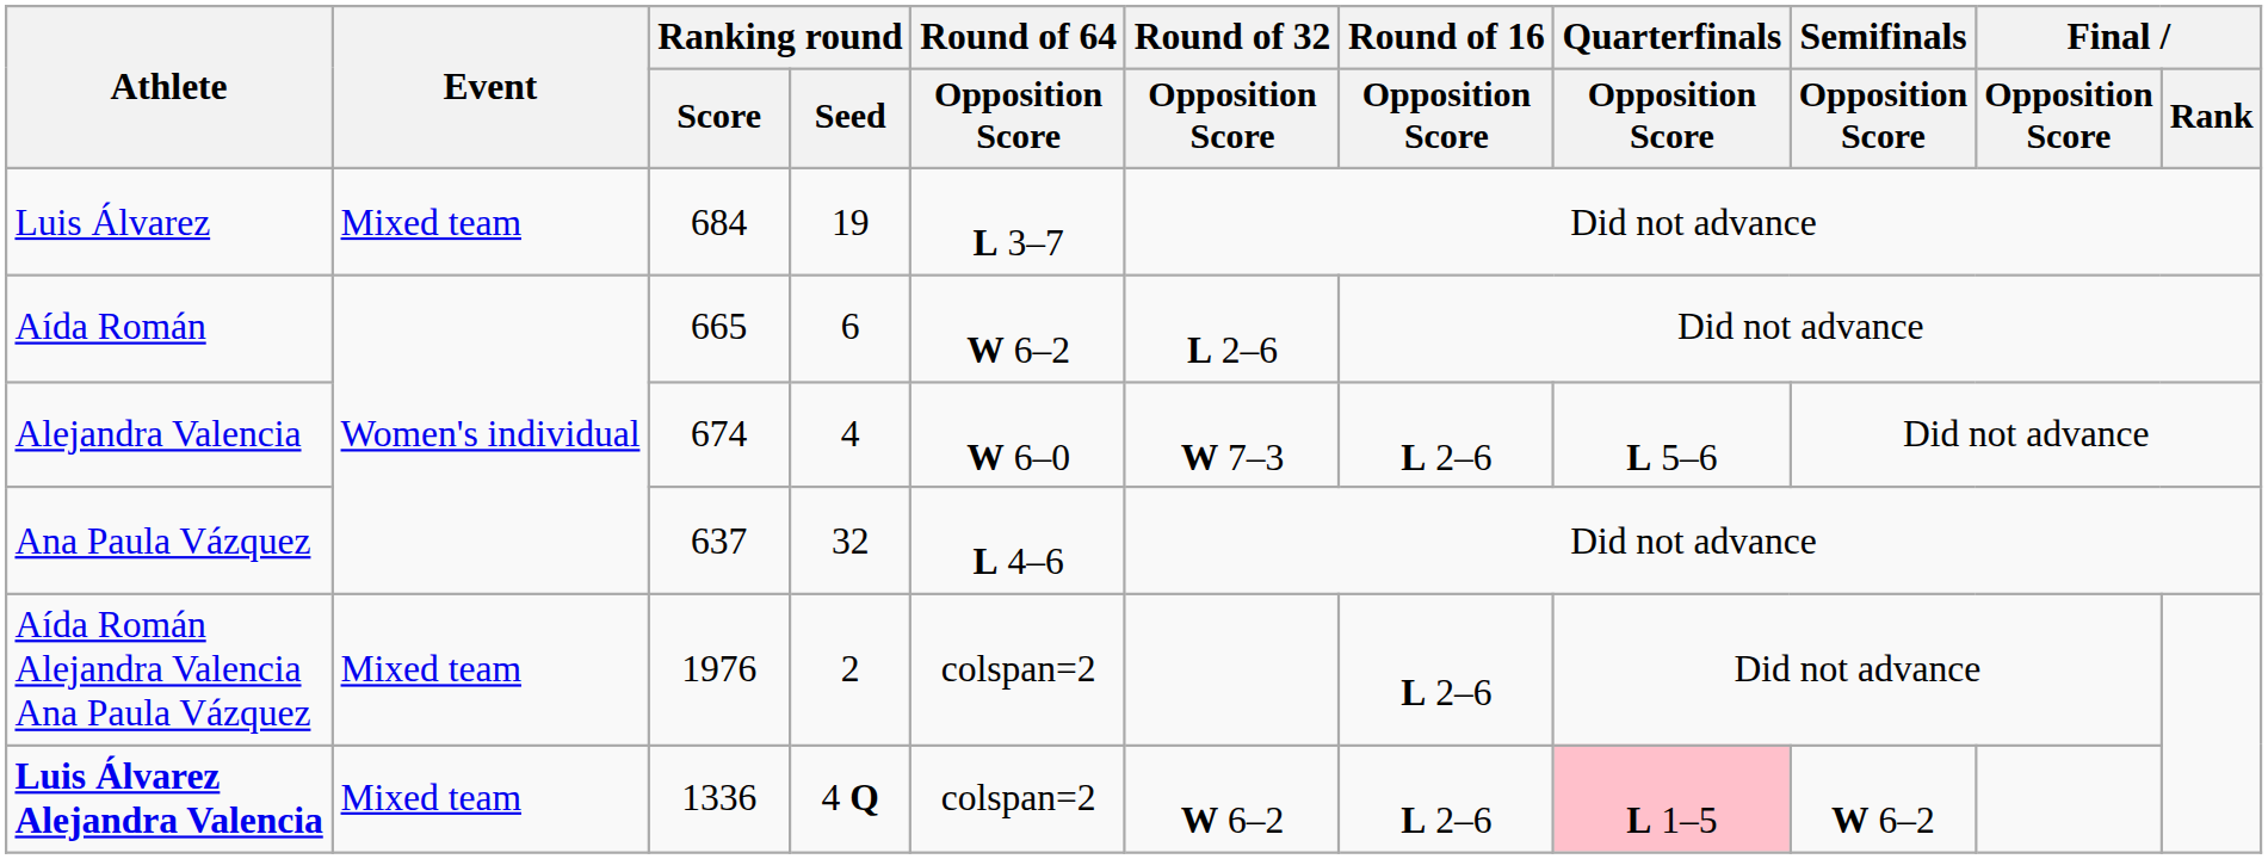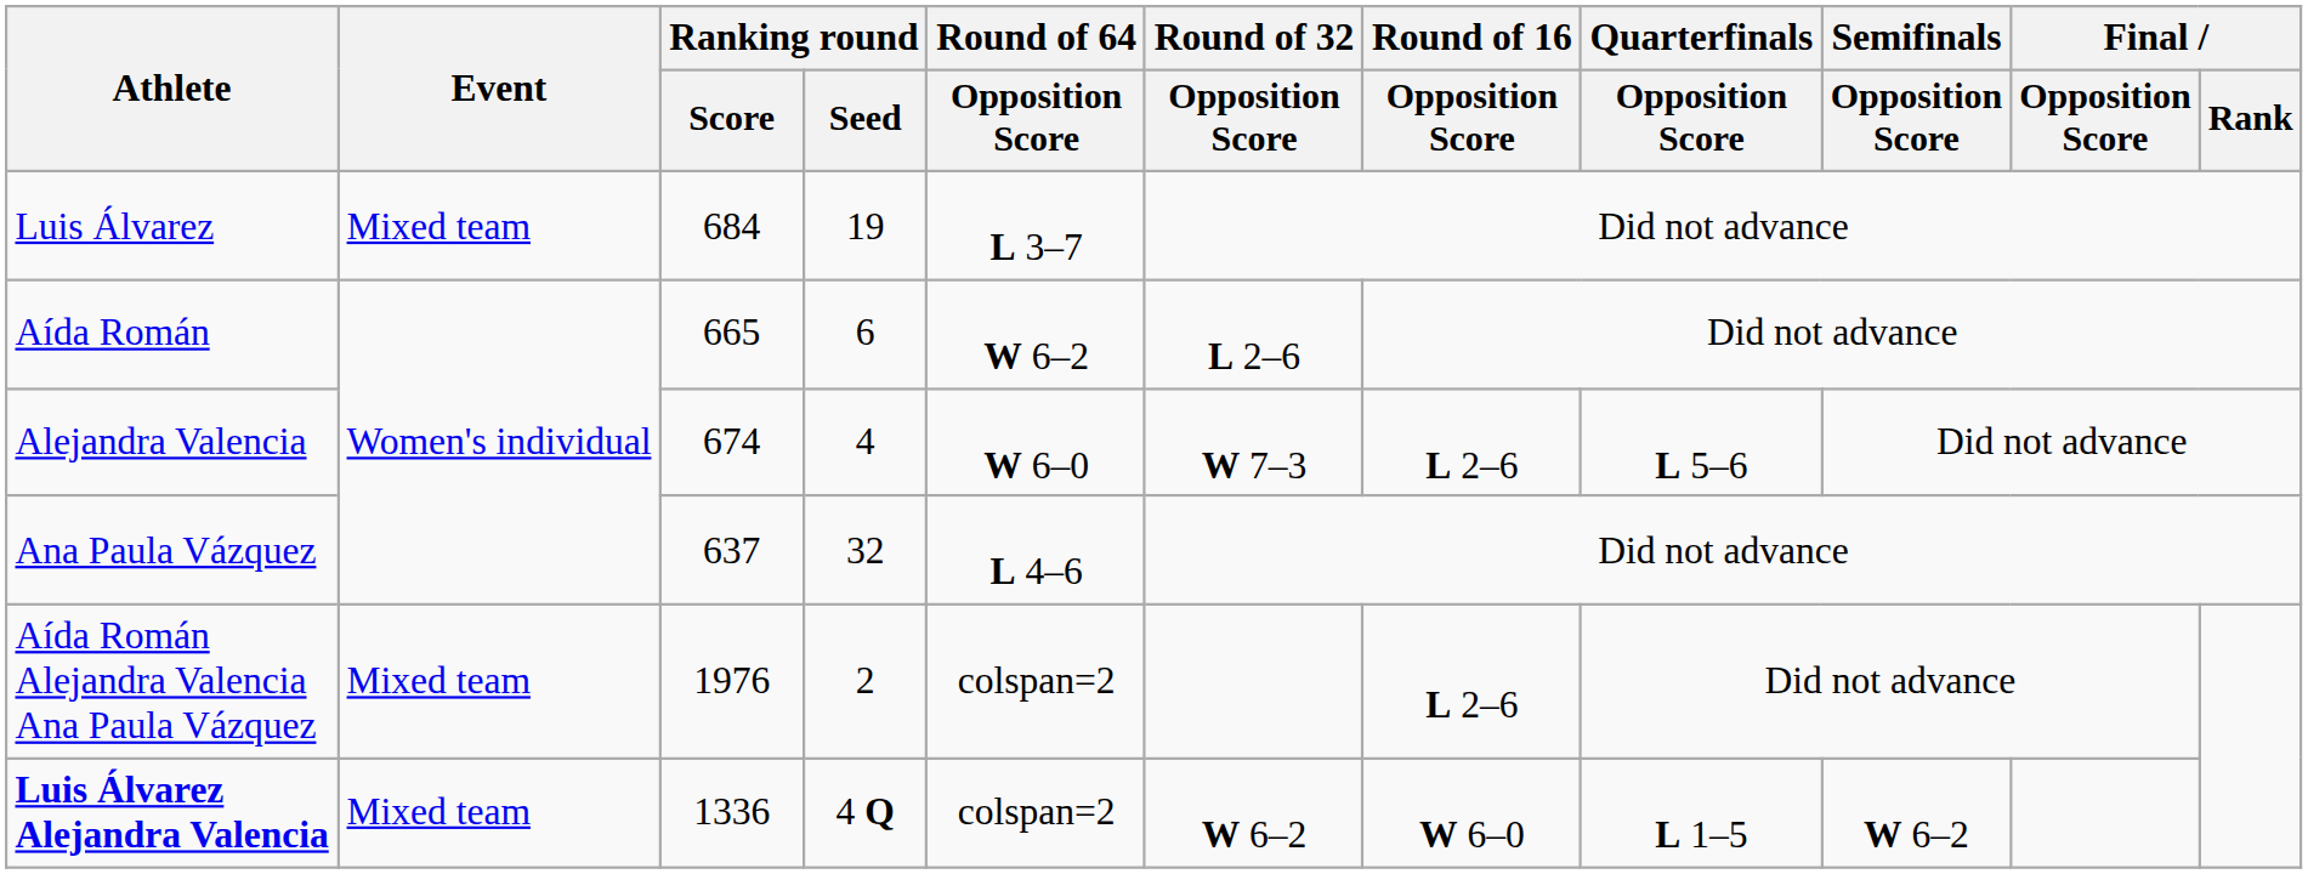 <table class="wikitable" style="font-size:90%">
 <tr>
 <th rowspan=2>Athlete</th>
 <th rowspan=2>Event</th>
 <th colspan="2">Ranking round</th>
 <th>Round of 64</th>
 <th>Round of 32</th>
 <th>Round of 16</th>
 <th>Quarterfinals</th>
 <th>Semifinals</th>
 <th colspan="2">Final / </th>
 </tr>
 <tr style="font-size:95%">
 <th>Score</th>
 <th>Seed</th>
 <th>Opposition<br>Score</th>
 <th>Opposition<br>Score</th>
 <th>Opposition<br>Score</th>
 <th>Opposition<br>Score</th>
 <th>Opposition<br>Score</th>
 <th>Opposition<br>Score</th>
 <th>Rank</th>
 </tr>
 <tr align=center>
 <td align=left><a href='#'>Luis Álvarez</a></td>
 <td align=left><a href='#'>Mixed team</a></td>
 <td>684</td>
 <td>19</td>
 <td><br><strong>L</strong> 3–7</td>
 <td colspan="6">Did not advance</td>
 </tr>
 <tr align=center>
 <td align=left><a href='#'>Aída Román</a></td>
 <td align=left rowspan=3><a href='#'>Women's individual</a></td>
 <td>665</td>
 <td>6</td>
 <td><br><strong>W</strong> 6–2</td>
 <td><br><strong>L</strong> 2–6</td>
 <td colspan="5">Did not advance</td>
 </tr>
 <tr align=center>
 <td align=left><a href='#'>Alejandra Valencia</a></td>
 <td>674</td>
 <td>4</td>
 <td><br><strong>W</strong> 6–0</td>
 <td><br><strong>W</strong> 7–3</td>
 <td><br><strong>L</strong> 2–6</td>
 <td><br><strong>L</strong> 5–6</td>
 <td colspan="3">Did not advance</td>
 </tr>
 <tr align=center>
 <td align=left><a href='#'>Ana Paula Vázquez</a></td>
 <td>637</td>
 <td>32</td>
 <td><br><strong>L</strong> 4–6</td>
 <td colspan="6">Did not advance</td>
 </tr>
 <tr align=center>
 <td align=left><a href='#'>Aída Román</a><br><a href='#'>Alejandra Valencia</a><br><a href='#'>Ana Paula Vázquez</a></td>
 <td align=left><a href='#'>Mixed team</a></td>
 <td>1976</td>
 <td>2</td>
 <td>colspan=2 </td>
 <td></td>
 <td><br><strong>L</strong> 2–6</td>
 <td colspan="3">Did not advance</td>
 </tr>
 <tr align=center>
 <td align=left><strong><a href='#'>Luis Álvarez</a><br><a href='#'>Alejandra Valencia</a></strong></td>
 <td align=left><a href='#'>Mixed team</a></td>
 <td>1336</td>
 <td>4 <strong>Q</strong></td>
 <td>colspan=2 </td>
 <td><br><strong>W</strong> 6–2</td>
-<td><br><strong>L</strong> 2–6</td>
-<td style="background: pink;"><br><strong>L</strong> 1–5</td>
+<td><br><strong>W</strong> 6–0</td>
+<td><br><strong>L</strong> 1–5</td>
 <td><br><strong>W</strong> 6–2</td>
 <td></td>
 </tr>
 </table>
